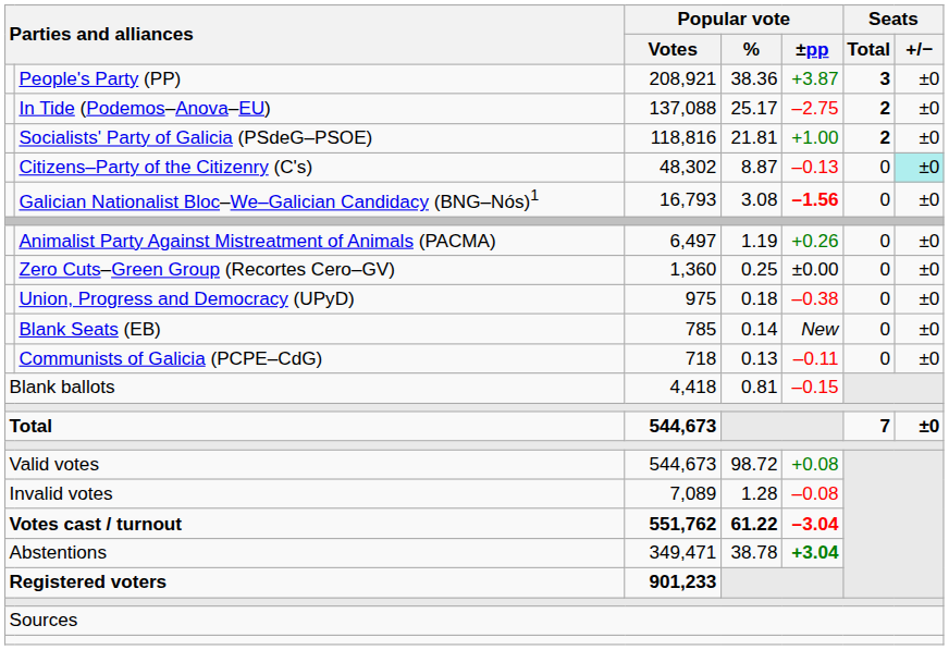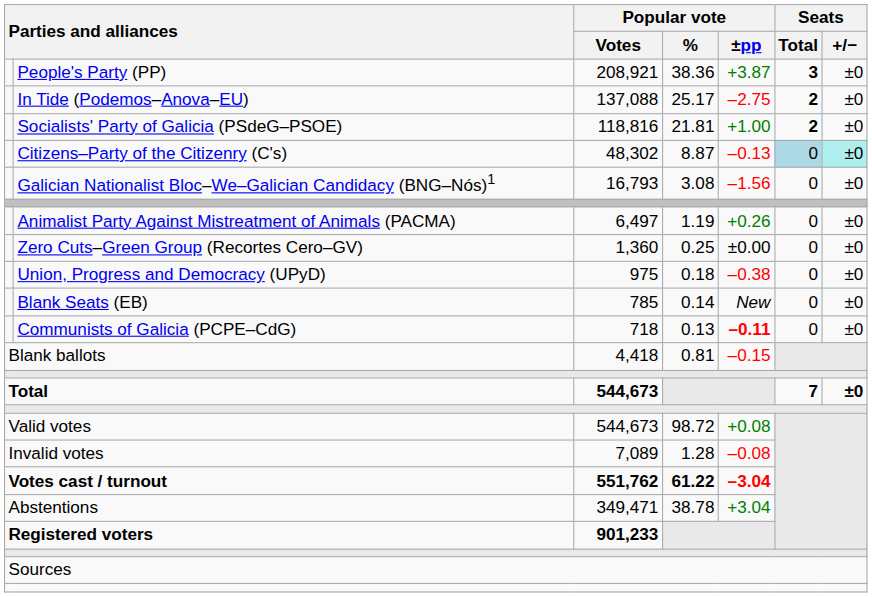 <table class="wikitable" style="text-align:right;">
 <tr>
 <th style="text-align:left;" rowspan="2" colspan="2" width="525">Parties and alliances</th>
 <th colspan="3">Popular vote</th>
 <th colspan="2">Seats</th>
 </tr>
 <tr>
 <th width="75">Votes</th>
 <th width="45">%</th>
 <th width="45">±<a href='#'>pp</a></th>
 <th width="35">Total</th>
 <th width="35">+/−</th>
 </tr>
 <tr>
 <td width="1" style="color:inherit;background:"></td>
 <td align="left"><a href='#'>People's Party</a> (PP)</td>
 <td>208,921</td>
 <td>38.36</td>
 <td style="color:green;">+3.87</td>
 <td><strong>3</strong></td>
 <td>±0</td>
 </tr>
 <tr>
 <td style="color:inherit;background:"></td>
 <td align="left"><a href='#'>In Tide</a> (<a href='#'>Podemos</a>–<a href='#'>Anova</a>–<a href='#'>EU</a>)</td>
 <td>137,088</td>
 <td>25.17</td>
 <td style="color:red;">–2.75</td>
 <td><strong>2</strong></td>
 <td>±0</td>
 </tr>
 <tr>
 <td style="color:inherit;background:"></td>
 <td align="left"><a href='#'>Socialists' Party of Galicia</a> (PSdeG–PSOE)</td>
 <td>118,816</td>
 <td>21.81</td>
 <td style="color:green;">+1.00</td>
 <td><strong>2</strong></td>
 <td>±0</td>
 </tr>
 <tr>
 <td style="color:inherit;background:"></td>
 <td align="left"><a href='#'>Citizens–Party of the Citizenry</a> (C's)</td>
 <td>48,302</td>
 <td>8.87</td>
 <td style="color:red;">–0.13</td>
-<td>0</td>
+<td style="background: lightblue;">0</td>
 <td style="background: paleturquoise;">±0</td>
 </tr>
 <tr>
 <td style="color:inherit;background:"></td>
 <td align="left"><a href='#'>Galician Nationalist Bloc</a>–<a href='#'>We–Galician Candidacy</a> (BNG–Nós)<sup>1</sup></td>
 <td>16,793</td>
 <td>3.08</td>
-<td style="color:red;"><strong>–1.56</strong></td>
+<td style="color:red;">–1.56</td>
 <td>0</td>
 <td>±0</td>
 </tr>
 <tr>
 <td colspan="7" bgcolor="#C0C0C0"></td>
 </tr>
 <tr>
 <td style="color:inherit;background:"></td>
 <td align="left"><a href='#'>Animalist Party Against Mistreatment of Animals</a> (PACMA)</td>
 <td>6,497</td>
 <td>1.19</td>
 <td style="color:green;">+0.26</td>
 <td>0</td>
 <td>±0</td>
 </tr>
 <tr>
 <td style="color:inherit;background:"></td>
 <td align="left"><a href='#'>Zero Cuts</a>–<a href='#'>Green Group</a> (Recortes Cero–GV)</td>
 <td>1,360</td>
 <td>0.25</td>
 <td>±0.00</td>
 <td>0</td>
 <td>±0</td>
 </tr>
 <tr>
 <td style="color:inherit;background:"></td>
 <td align="left"><a href='#'>Union, Progress and Democracy</a> (UPyD)</td>
 <td>975</td>
 <td>0.18</td>
 <td style="color:red;">–0.38</td>
 <td>0</td>
 <td>±0</td>
 </tr>
 <tr>
 <td style="color:inherit;background:"></td>
 <td align="left"><a href='#'>Blank Seats</a> (EB)</td>
 <td>785</td>
 <td>0.14</td>
 <td><em>New</em></td>
 <td>0</td>
 <td>±0</td>
 </tr>
 <tr>
 <td style="color:inherit;background:"></td>
 <td align="left"><a href='#'>Communists of Galicia</a> (PCPE–CdG)</td>
 <td>718</td>
 <td>0.13</td>
-<td style="color:red;">–0.11</td>
+<td style="color:red;"><strong>–0.11</strong></td>
 <td>0</td>
 <td>±0</td>
 </tr>
 <tr>
 <td align="left" colspan="2">Blank ballots</td>
 <td>4,418</td>
 <td>0.81</td>
 <td style="color:red;">–0.15</td>
 <td bgcolor="#E9E9E9" colspan="2"></td>
 </tr>
 <tr>
 <td colspan="7" bgcolor="#E9E9E9"></td>
 </tr>
 <tr style="font-weight:bold;">
 <td align="left" colspan="2">Total</td>
 <td>544,673</td>
 <td bgcolor="#E9E9E9" colspan="2"></td>
 <td>7</td>
 <td>±0</td>
 </tr>
 <tr>
 <td colspan="7" bgcolor="#E9E9E9"></td>
 </tr>
 <tr>
 <td align="left" colspan="2">Valid votes</td>
 <td>544,673</td>
 <td>98.72</td>
 <td style="color:green;">+0.08</td>
 <td bgcolor="#E9E9E9" colspan="2" rowspan="5"></td>
 </tr>
 <tr>
 <td align="left" colspan="2">Invalid votes</td>
 <td>7,089</td>
 <td>1.28</td>
 <td style="color:red;">–0.08</td>
 </tr>
 <tr style="font-weight:bold;">
 <td align="left" colspan="2">Votes cast / turnout</td>
 <td>551,762</td>
 <td>61.22</td>
 <td style="color:red;">–3.04</td>
 </tr>
 <tr>
 <td align="left" colspan="2">Abstentions</td>
 <td>349,471</td>
 <td>38.78</td>
-<td style="color:green;"><strong>+3.04</strong></td>
+<td style="color:green;">+3.04</td>
 </tr>
 <tr style="font-weight:bold;">
 <td align="left" colspan="2">Registered voters</td>
 <td>901,233</td>
 <td bgcolor="#E9E9E9" colspan="2"></td>
 </tr>
 <tr>
 <td colspan="7" bgcolor="#E9E9E9"></td>
 </tr>
 <tr>
 <td align="left" colspan="7">Sources</td>
 </tr>
 <tr>
 <td colspan="7" style="text-align:left; max-width:790px;"></td>
 </tr>
 </table>
